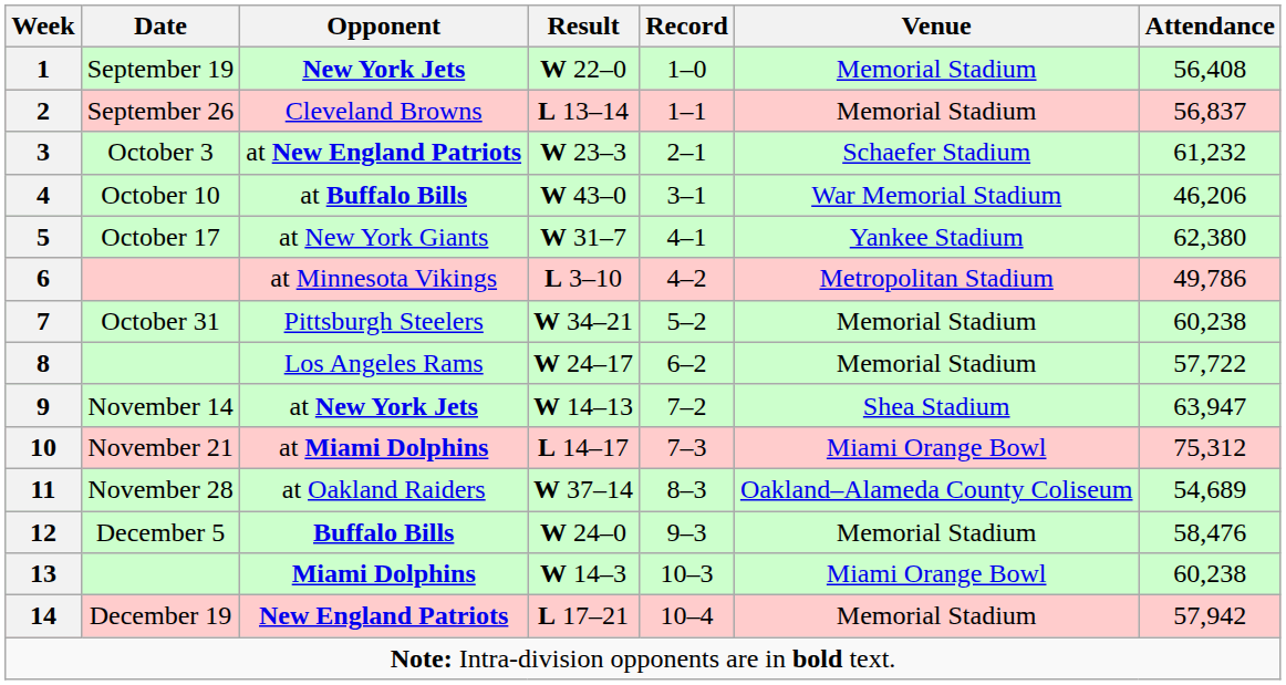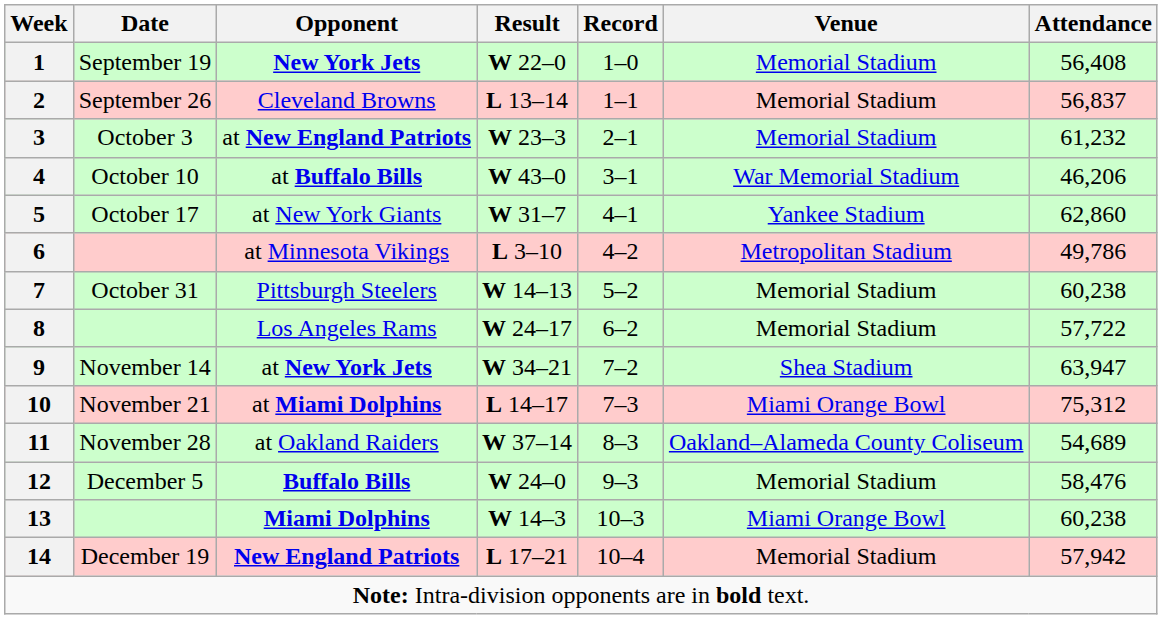 <table class="wikitable" style="text-align:center">
 <tr>
 <th>Week</th>
 <th>Date</th>
 <th>Opponent</th>
 <th>Result</th>
 <th>Record</th>
 <th>Venue</th>
 <th>Attendance</th>
 </tr>
 <tr style="background:#cfc">
 <th>1</th>
 <td>September 19</td>
 <td><strong><a href='#'>New York Jets</a></strong></td>
 <td><strong>W</strong> 22–0</td>
 <td>1–0</td>
 <td><a href='#'>Memorial Stadium</a></td>
 <td>56,408</td>
 </tr>
 <tr style="background:#fcc">
 <th>2</th>
 <td>September 26</td>
 <td><a href='#'>Cleveland Browns</a></td>
 <td><strong>L</strong> 13–14</td>
 <td>1–1</td>
 <td>Memorial Stadium</td>
 <td>56,837</td>
 </tr>
 <tr style="background:#cfc">
 <th>3</th>
 <td>October 3</td>
 <td>at <strong><a href='#'>New England Patriots</a></strong></td>
 <td><strong>W</strong> 23–3</td>
 <td>2–1</td>
-<td><a href='#'>Schaefer Stadium</a></td>
+<td><a href='#'>Memorial Stadium</a></td>
 <td>61,232</td>
 </tr>
 <tr style="background:#cfc">
 <th>4</th>
 <td>October 10</td>
 <td>at <strong><a href='#'>Buffalo Bills</a></strong></td>
 <td><strong>W</strong> 43–0</td>
 <td>3–1</td>
 <td><a href='#'>War Memorial Stadium</a></td>
 <td>46,206</td>
 </tr>
 <tr style="background:#cfc">
 <th>5</th>
 <td>October 17</td>
 <td>at <a href='#'>New York Giants</a></td>
 <td><strong>W</strong> 31–7</td>
 <td>4–1</td>
 <td><a href='#'>Yankee Stadium</a></td>
-<td>62,380</td>
+<td>62,860</td>
 </tr>
 <tr style="background:#fcc">
 <th>6</th>
 <td></td>
 <td>at <a href='#'>Minnesota Vikings</a></td>
 <td><strong>L</strong> 3–10</td>
 <td>4–2</td>
 <td><a href='#'>Metropolitan Stadium</a></td>
 <td>49,786</td>
 </tr>
 <tr style="background:#cfc">
 <th>7</th>
 <td>October 31</td>
 <td><a href='#'>Pittsburgh Steelers</a></td>
-<td><strong>W</strong> 34–21</td>
+<td><strong>W</strong> 14–13</td>
 <td>5–2</td>
 <td>Memorial Stadium</td>
 <td>60,238</td>
 </tr>
 <tr style="background:#cfc">
 <th>8</th>
 <td></td>
 <td><a href='#'>Los Angeles Rams</a></td>
 <td><strong>W</strong> 24–17</td>
 <td>6–2</td>
 <td>Memorial Stadium</td>
 <td>57,722</td>
 </tr>
 <tr style="background:#cfc">
 <th>9</th>
 <td>November 14</td>
 <td>at <strong><a href='#'>New York Jets</a></strong></td>
-<td><strong>W</strong> 14–13</td>
+<td><strong>W</strong> 34–21</td>
 <td>7–2</td>
 <td><a href='#'>Shea Stadium</a></td>
 <td>63,947</td>
 </tr>
 <tr style="background:#fcc">
 <th>10</th>
 <td>November 21</td>
 <td>at <strong><a href='#'>Miami Dolphins</a></strong></td>
 <td><strong>L</strong> 14–17</td>
 <td>7–3</td>
 <td><a href='#'>Miami Orange Bowl</a></td>
 <td>75,312</td>
 </tr>
 <tr style="background:#cfc">
 <th>11</th>
 <td>November 28</td>
 <td>at <a href='#'>Oakland Raiders</a></td>
 <td><strong>W</strong> 37–14</td>
 <td>8–3</td>
 <td><a href='#'>Oakland–Alameda County Coliseum</a></td>
 <td>54,689</td>
 </tr>
 <tr style="background:#cfc">
 <th>12</th>
 <td>December 5</td>
 <td><strong><a href='#'>Buffalo Bills</a></strong></td>
 <td><strong>W</strong> 24–0</td>
 <td>9–3</td>
 <td>Memorial Stadium</td>
 <td>58,476</td>
 </tr>
 <tr style="background:#cfc">
 <th>13</th>
 <td></td>
 <td><strong><a href='#'>Miami Dolphins</a></strong></td>
 <td><strong>W</strong> 14–3</td>
 <td>10–3</td>
 <td><a href='#'>Miami Orange Bowl</a></td>
 <td>60,238</td>
 </tr>
 <tr style="background:#fcc">
 <th>14</th>
 <td>December 19</td>
 <td><strong><a href='#'>New England Patriots</a></strong></td>
 <td><strong>L</strong> 17–21</td>
 <td>10–4</td>
 <td>Memorial Stadium</td>
 <td>57,942</td>
 </tr>
 <tr>
 <td colspan="8"><strong>Note:</strong> Intra-division opponents are in <strong>bold</strong> text.</td>
 </tr>
 </table>
